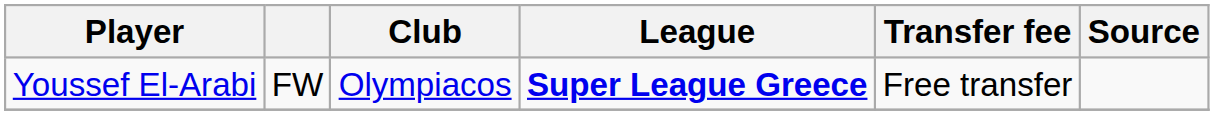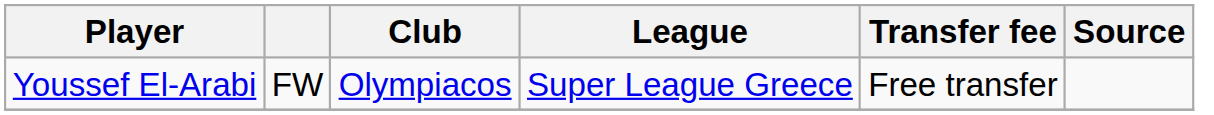 <table class="wikitable plainrowheaders sortable" style="text-align:center;font-size:95%">
 <tr>
 <th>Player</th>
 <th></th>
 <th>Club</th>
 <th>League</th>
 <th>Transfer fee</th>
 <th>Source</th>
 </tr>
 <tr>
 <td align="left"> <a href='#'>Youssef El-Arabi</a></td>
 <td>FW</td>
 <td><a href='#'>Olympiacos</a></td>
-<td><strong> <a href='#'>Super League Greece</a></strong></td>
+<td> <a href='#'>Super League Greece</a></td>
 <td>Free transfer</td>
 <td></td>
 </tr>
 <tr>
 </tr>
 </table>
